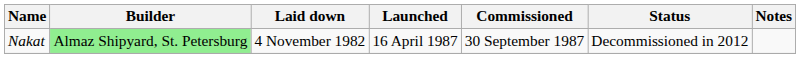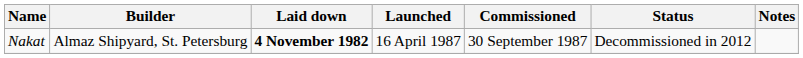 <table class="wikitable">
 <tr>
 <th>Name</th>
 <th>Builder</th>
 <th>Laid down</th>
 <th>Launched</th>
 <th>Commissioned</th>
 <th>Status</th>
 <th>Notes</th>
 </tr>
 <tr>
 <td><em>Nakat</em></td>
-<td style="background: lightgreen;">Almaz Shipyard, St. Petersburg</td>
-<td>4 November 1982</td>
+<td>Almaz Shipyard, St. Petersburg</td>
+<td><strong>4 November 1982</strong></td>
 <td>16 April 1987</td>
 <td>30 September 1987</td>
 <td>Decommissioned in 2012</td>
 <td></td>
 </tr>
 <tr>
 </tr>
 </table>
